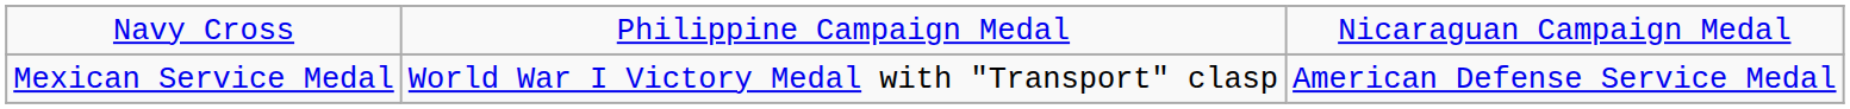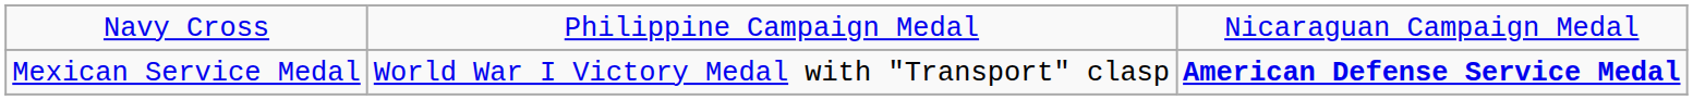 <table class="wikitable" style="margin:1em auto; text-align:center;">
 <tr>
 <td><a href='#'>Navy Cross</a></td>
 <td><a href='#'>Philippine Campaign Medal</a></td>
 <td><a href='#'>Nicaraguan Campaign Medal</a></td>
 </tr>
 <tr>
 <td><a href='#'>Mexican Service Medal</a></td>
 <td><a href='#'>World War I Victory Medal</a> with "Transport" clasp</td>
-<td><a href='#'>American Defense Service Medal</a></td>
+<td><strong><a href='#'>American Defense Service Medal</a></strong></td>
 </tr>
 </table>
